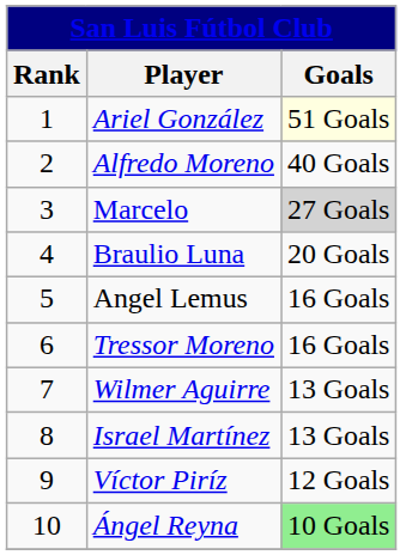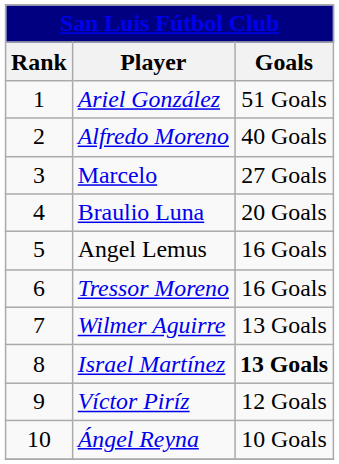 <table class="wikitable" style="text-align:center;margin-left:1em">
 <tr>
 <td bgcolor="#000080" align="center" colspan="5"><strong><span><a href='#'>San Luis Fútbol Club</a></span></strong></td>
 </tr>
 <tr>
 <th>Rank</th>
 <th>Player</th>
 <th>Goals</th>
 </tr>
 <tr>
 <td>1</td>
 <td style="text-align:left;"> <em><a href='#'>Ariel González</a></em></td>
-<td style="background: lightyellow;">51 Goals</td>
+<td>51 Goals</td>
 </tr>
 <tr>
 <td>2</td>
 <td style="text-align:left;"> <em><a href='#'>Alfredo Moreno</a></em></td>
 <td>40 Goals</td>
 </tr>
 <tr>
 <td>3</td>
 <td style="text-align:left;"> <a href='#'>Marcelo</a></td>
-<td style="background: lightgrey;">27 Goals</td>
+<td>27 Goals</td>
 </tr>
 <tr>
 <td>4</td>
 <td style="text-align:left;"> <a href='#'>Braulio Luna</a></td>
 <td>20 Goals</td>
 </tr>
 <tr>
 <td>5</td>
 <td style="text-align:left;"> Angel Lemus</td>
 <td>16 Goals</td>
 </tr>
 <tr>
 <td>6</td>
 <td style="text-align:left;"> <em><a href='#'>Tressor Moreno</a></em></td>
 <td>16 Goals</td>
 </tr>
 <tr>
 <td>7</td>
 <td style="text-align:left;"> <em><a href='#'>Wilmer Aguirre</a></em></td>
 <td>13 Goals</td>
 </tr>
 <tr>
 <td>8</td>
 <td style="text-align:left;"> <em><a href='#'>Israel Martínez</a></em></td>
-<td>13 Goals</td>
+<td><strong>13 Goals</strong></td>
 </tr>
 <tr>
 <td>9</td>
 <td style="text-align:left;"> <em><a href='#'>Víctor Piríz</a></em></td>
 <td>12 Goals</td>
 </tr>
 <tr>
 <td>10</td>
 <td style="text-align:left;"> <em><a href='#'>Ángel Reyna</a></em></td>
-<td style="background: lightgreen;">10 Goals</td>
+<td>10 Goals</td>
 </tr>
 <tr>
 </tr>
 </table>
